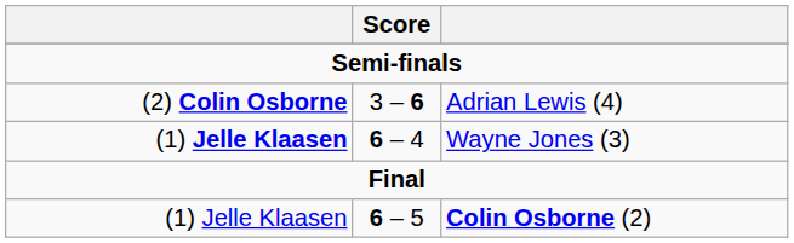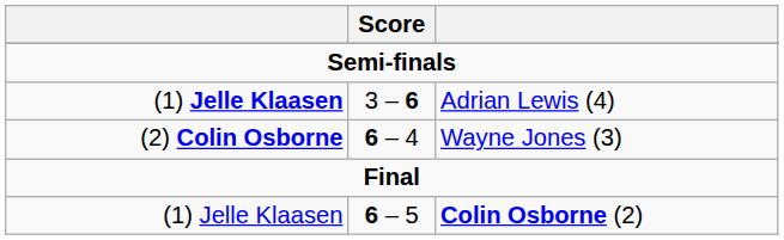 <table class=wikitable style="text-align:center">
 <tr>
 <th width=220></th>
 <th width=50>Score</th>
 <th width=220></th>
 </tr>
 <tr align=center>
 </tr>
 <tr align=center>
 <td colspan="3"><strong>Semi-finals</strong></td>
 </tr>
 <tr align=left>
-<td align=right>(2) <strong><a href='#'>Colin Osborne</a></strong> </td>
+<td align=right>(1) <strong><a href='#'>Jelle Klaasen</a></strong> </td>
 <td align=center>3 – <strong>6</strong></td>
 <td> <a href='#'>Adrian Lewis</a> (4)</td>
 </tr>
 <tr align=left>
-<td align=right>(1) <strong><a href='#'>Jelle Klaasen</a></strong> </td>
+<td align=right>(2) <strong><a href='#'>Colin Osborne</a></strong> </td>
 <td align=center><strong>6</strong> – 4</td>
 <td> <a href='#'>Wayne Jones</a> (3)</td>
 </tr>
 <tr align=center>
 <td colspan="3"><strong>Final</strong></td>
 </tr>
 <tr align=left>
 <td align=right>(1) <a href='#'>Jelle Klaasen</a> </td>
 <td align=center><strong>6</strong> – 5</td>
 <td> <strong><a href='#'>Colin Osborne</a></strong> (2)</td>
 </tr>
 </table>
